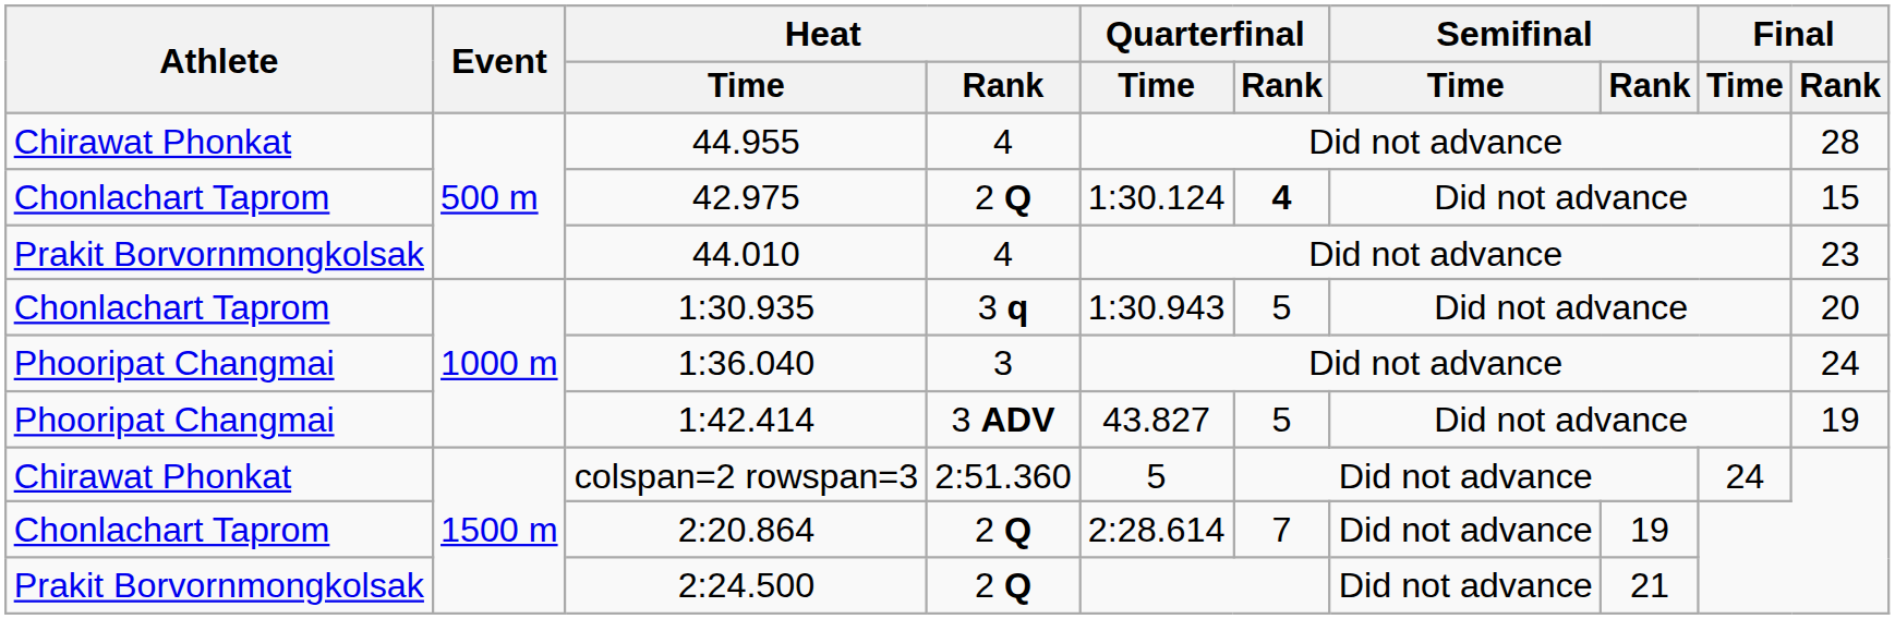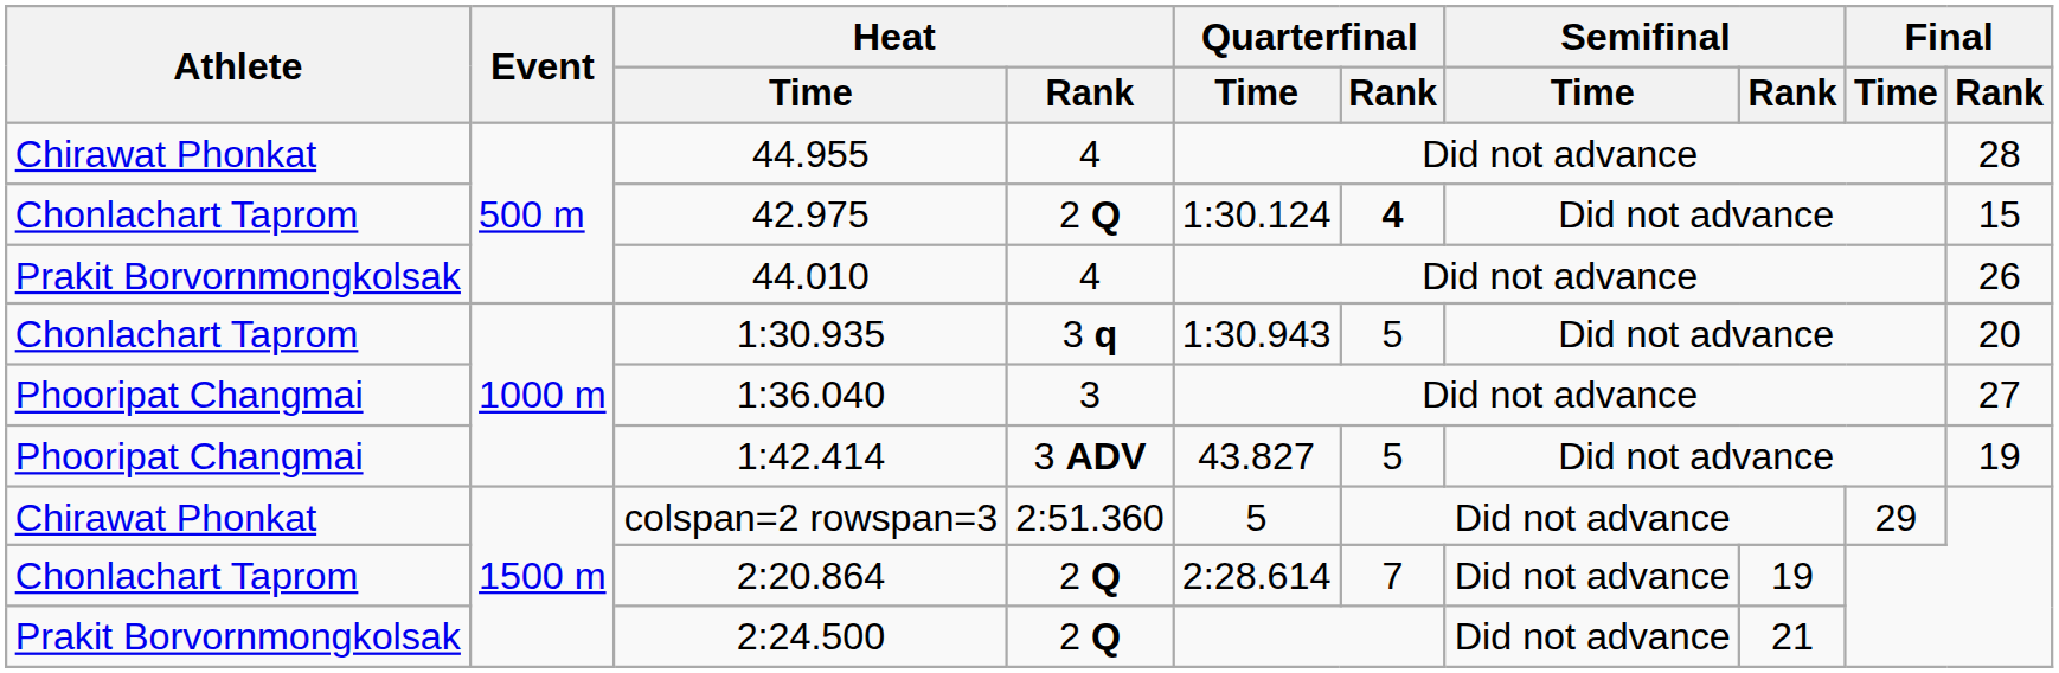 <table class=wikitable style=font-size:90%>
 <tr>
 <th rowspan=2>Athlete</th>
 <th rowspan=2>Event</th>
 <th colspan=2>Heat</th>
 <th colspan=2>Quarterfinal</th>
 <th colspan=2>Semifinal</th>
 <th colspan=2>Final</th>
 </tr>
 <tr style=font-size:95%>
 <th>Time</th>
 <th>Rank</th>
 <th>Time</th>
 <th>Rank</th>
 <th>Time</th>
 <th>Rank</th>
 <th>Time</th>
 <th>Rank</th>
 </tr>
 <tr align=center>
 <td align=left><a href='#'>Chirawat Phonkat</a></td>
 <td align=left rowspan=3><a href='#'>500 m</a></td>
 <td>44.955</td>
 <td>4</td>
 <td colspan=5>Did not advance</td>
 <td>28</td>
 </tr>
 <tr align=center>
 <td align=left><a href='#'>Chonlachart Taprom</a></td>
 <td>42.975</td>
 <td>2 <strong>Q</strong></td>
 <td>1:30.124</td>
 <td><strong>4</strong></td>
 <td colspan=3>Did not advance</td>
 <td>15</td>
 </tr>
 <tr align=center>
 <td align=left><a href='#'>Prakit Borvornmongkolsak</a></td>
 <td>44.010</td>
 <td>4</td>
 <td colspan=5>Did not advance</td>
-<td>23</td>
+<td>26</td>
 </tr>
 <tr align=center>
 <td align=left><a href='#'>Chonlachart Taprom</a></td>
 <td align=left rowspan=3><a href='#'>1000 m</a></td>
 <td>1:30.935</td>
 <td>3 <strong>q</strong></td>
 <td>1:30.943</td>
 <td>5</td>
 <td colspan=3>Did not advance</td>
 <td>20</td>
 </tr>
 <tr align=center>
 <td align=left><a href='#'>Phooripat Changmai</a></td>
 <td>1:36.040</td>
 <td>3</td>
 <td colspan=5>Did not advance</td>
-<td>24</td>
+<td>27</td>
 </tr>
 <tr align=center>
 <td align=left><a href='#'>Phooripat Changmai</a></td>
 <td>1:42.414</td>
 <td>3 <strong>ADV</strong></td>
 <td>43.827</td>
 <td>5</td>
 <td colspan=3>Did not advance</td>
 <td>19</td>
 </tr>
 <tr align=center>
 <td align=left><a href='#'>Chirawat Phonkat</a></td>
 <td align=left rowspan=3><a href='#'>1500 m</a></td>
 <td>colspan=2 rowspan=3 </td>
 <td>2:51.360</td>
 <td>5</td>
 <td colspan=3>Did not advance</td>
-<td>24</td>
+<td>29</td>
 </tr>
 <tr align=center>
 <td align=left><a href='#'>Chonlachart Taprom</a></td>
 <td>2:20.864</td>
 <td>2 <strong>Q</strong></td>
 <td>2:28.614</td>
 <td>7</td>
 <td>Did not advance</td>
 <td>19</td>
 </tr>
 <tr align=center>
 <td align=left><a href='#'>Prakit Borvornmongkolsak</a></td>
 <td>2:24.500</td>
 <td>2 <strong>Q</strong></td>
 <td colspan=2></td>
 <td>Did not advance</td>
 <td>21</td>
 </tr>
 </table>
